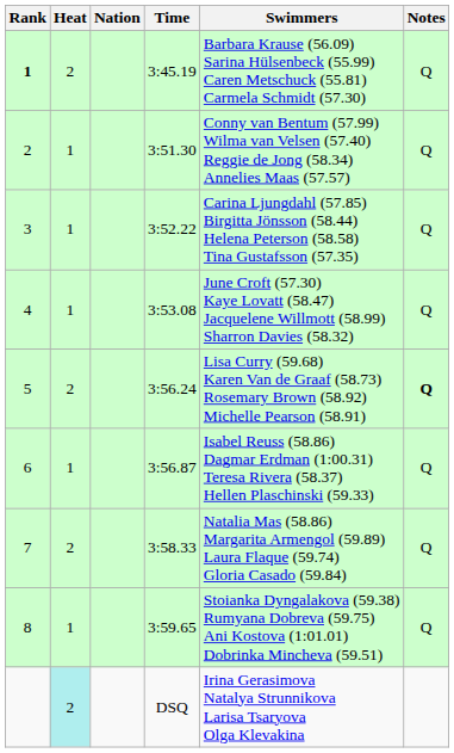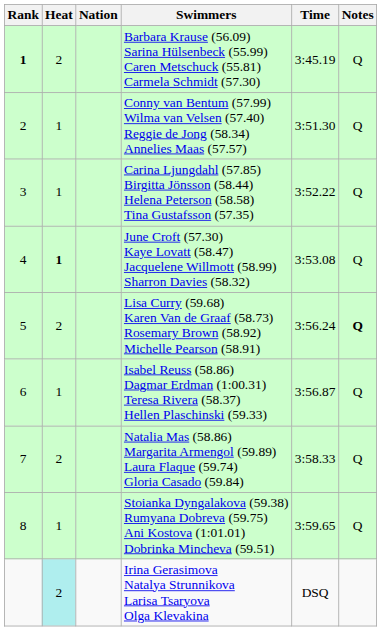 <table class="wikitable sortable" style="text-align:center">
 <tr>
 <th>Rank</th>
 <th>Heat</th>
 <th>Nation</th>
+<th>Swimmers</th>
 <th>Time</th>
-<th>Swimmers</th>
 <th>Notes</th>
 </tr>
 <tr bgcolor=ccffcc>
 <td><strong>1</strong></td>
 <td>2</td>
 <td align=left></td>
+<td align=left><a href='#'>Barbara Krause</a> (56.09)<br><a href='#'>Sarina Hülsenbeck</a> (55.99)<br><a href='#'>Caren Metschuck</a> (55.81)<br><a href='#'>Carmela Schmidt</a> (57.30)</td>
 <td>3:45.19</td>
-<td align=left><a href='#'>Barbara Krause</a> (56.09)<br><a href='#'>Sarina Hülsenbeck</a> (55.99)<br><a href='#'>Caren Metschuck</a> (55.81)<br><a href='#'>Carmela Schmidt</a> (57.30)</td>
 <td>Q</td>
 </tr>
 <tr bgcolor=ccffcc>
 <td>2</td>
 <td>1</td>
 <td align=left></td>
+<td align=left><a href='#'>Conny van Bentum</a> (57.99)<br><a href='#'>Wilma van Velsen</a> (57.40)<br><a href='#'>Reggie de Jong</a> (58.34)<br><a href='#'>Annelies Maas</a> (57.57)</td>
 <td>3:51.30</td>
-<td align=left><a href='#'>Conny van Bentum</a> (57.99)<br><a href='#'>Wilma van Velsen</a> (57.40)<br><a href='#'>Reggie de Jong</a> (58.34)<br><a href='#'>Annelies Maas</a> (57.57)</td>
 <td>Q</td>
 </tr>
 <tr bgcolor=ccffcc>
 <td>3</td>
 <td>1</td>
 <td align=left></td>
+<td align=left><a href='#'>Carina Ljungdahl</a> (57.85)<br><a href='#'>Birgitta Jönsson</a> (58.44)<br><a href='#'>Helena Peterson</a> (58.58)<br><a href='#'>Tina Gustafsson</a> (57.35)</td>
 <td>3:52.22</td>
-<td align=left><a href='#'>Carina Ljungdahl</a> (57.85)<br><a href='#'>Birgitta Jönsson</a> (58.44)<br><a href='#'>Helena Peterson</a> (58.58)<br><a href='#'>Tina Gustafsson</a> (57.35)</td>
 <td>Q</td>
 </tr>
 <tr bgcolor=ccffcc>
 <td>4</td>
-<td>1</td>
+<td><strong>1</strong></td>
 <td align=left></td>
+<td align=left><a href='#'>June Croft</a> (57.30)<br><a href='#'>Kaye Lovatt</a> (58.47)<br><a href='#'>Jacquelene Willmott</a> (58.99)<br><a href='#'>Sharron Davies</a> (58.32)</td>
 <td>3:53.08</td>
-<td align=left><a href='#'>June Croft</a> (57.30)<br><a href='#'>Kaye Lovatt</a> (58.47)<br><a href='#'>Jacquelene Willmott</a> (58.99)<br><a href='#'>Sharron Davies</a> (58.32)</td>
 <td>Q</td>
 </tr>
 <tr bgcolor=ccffcc>
 <td>5</td>
 <td>2</td>
 <td align=left></td>
+<td align=left><a href='#'>Lisa Curry</a> (59.68)<br><a href='#'>Karen Van de Graaf</a> (58.73)<br><a href='#'>Rosemary Brown</a> (58.92)<br><a href='#'>Michelle Pearson</a> (58.91)</td>
 <td>3:56.24</td>
-<td align=left><a href='#'>Lisa Curry</a> (59.68)<br><a href='#'>Karen Van de Graaf</a> (58.73)<br><a href='#'>Rosemary Brown</a> (58.92)<br><a href='#'>Michelle Pearson</a> (58.91)</td>
 <td><strong>Q</strong></td>
 </tr>
 <tr bgcolor=ccffcc>
 <td>6</td>
 <td>1</td>
 <td align=left></td>
+<td align=left><a href='#'>Isabel Reuss</a> (58.86)<br><a href='#'>Dagmar Erdman</a> (1:00.31)<br><a href='#'>Teresa Rivera</a> (58.37)<br><a href='#'>Hellen Plaschinski</a> (59.33)</td>
 <td>3:56.87</td>
-<td align=left><a href='#'>Isabel Reuss</a> (58.86)<br><a href='#'>Dagmar Erdman</a> (1:00.31)<br><a href='#'>Teresa Rivera</a> (58.37)<br><a href='#'>Hellen Plaschinski</a> (59.33)</td>
 <td>Q</td>
 </tr>
 <tr bgcolor=ccffcc>
 <td>7</td>
 <td>2</td>
 <td align=left></td>
+<td align=left><a href='#'>Natalia Mas</a> (58.86)<br><a href='#'>Margarita Armengol</a> (59.89)<br><a href='#'>Laura Flaque</a> (59.74)<br><a href='#'>Gloria Casado</a> (59.84)</td>
 <td>3:58.33</td>
-<td align=left><a href='#'>Natalia Mas</a> (58.86)<br><a href='#'>Margarita Armengol</a> (59.89)<br><a href='#'>Laura Flaque</a> (59.74)<br><a href='#'>Gloria Casado</a> (59.84)</td>
 <td>Q</td>
 </tr>
 <tr bgcolor=ccffcc>
 <td>8</td>
 <td>1</td>
 <td align=left></td>
+<td align=left><a href='#'>Stoianka Dyngalakova</a> (59.38)<br><a href='#'>Rumyana Dobreva</a> (59.75)<br><a href='#'>Ani Kostova</a> (1:01.01)<br><a href='#'>Dobrinka Mincheva</a> (59.51)</td>
 <td>3:59.65</td>
-<td align=left><a href='#'>Stoianka Dyngalakova</a> (59.38)<br><a href='#'>Rumyana Dobreva</a> (59.75)<br><a href='#'>Ani Kostova</a> (1:01.01)<br><a href='#'>Dobrinka Mincheva</a> (59.51)</td>
 <td>Q</td>
 </tr>
 <tr>
 <td></td>
 <td style="background: paleturquoise;">2</td>
 <td align=left></td>
+<td align=left><a href='#'>Irina Gerasimova</a><br><a href='#'>Natalya Strunnikova</a><br><a href='#'>Larisa Tsaryova</a><br><a href='#'>Olga Klevakina</a></td>
 <td>DSQ</td>
-<td align=left><a href='#'>Irina Gerasimova</a><br><a href='#'>Natalya Strunnikova</a><br><a href='#'>Larisa Tsaryova</a><br><a href='#'>Olga Klevakina</a></td>
 <td></td>
 </tr>
 </table>
